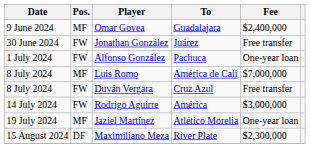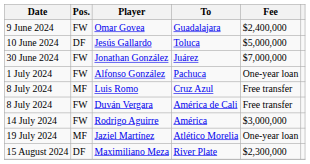 <table class="wikitable">
 <tr>
 <th>Date</th>
 <th>Pos.</th>
 <th>Player</th>
 <th>To</th>
 <th>Fee</th>
 <th></th>
 </tr>
 <tr>
 <td>9 June 2024</td>
-<td>MF</td>
+<td>FW</td>
 <td> <a href='#'>Omar Govea</a></td>
 <td><a href='#'>Guadalajara</a></td>
 <td>$2,400,000</td>
+<td align="center"></td>
+</tr>
+<tr>
+<td>10 June 2024</td>
+<td>DF</td>
+<td> <a href='#'>Jesús Gallardo</a></td>
+<td><a href='#'>Toluca</a></td>
+<td>$5,000,000</td>
 <td align="center"></td>
 </tr>
 <tr>
 <td>30 June 2024</td>
 <td>FW</td>
 <td> <a href='#'>Jonathan González</a></td>
 <td><a href='#'>Juárez</a></td>
-<td>Free transfer</td>
+<td>$7,000,000</td>
 <td align=center=></td>
 </tr>
 <tr>
 <td>1 July 2024</td>
 <td>FW</td>
 <td> <a href='#'>Alfonso González</a></td>
 <td><a href='#'>Pachuca</a></td>
 <td>One-year loan</td>
 <td align="center"></td>
 </tr>
 <tr>
 <td>8 July 2024</td>
 <td>MF</td>
 <td> <a href='#'>Luis Romo</a></td>
-<td> <a href='#'>América de Cali</a></td>
-<td>$7,000,000</td>
+<td><a href='#'>Cruz Azul</a></td>
+<td>Free transfer</td>
 <td align="center"></td>
 </tr>
 <tr>
 <td>8 July 2024</td>
 <td>FW</td>
 <td> <a href='#'>Duván Vergara</a></td>
-<td><a href='#'>Cruz Azul</a></td>
+<td> <a href='#'>América de Cali</a></td>
 <td>Free transfer</td>
 <td align="center"></td>
 </tr>
 <tr>
 <td>14 July 2024</td>
 <td>FW</td>
 <td> <a href='#'>Rodrigo Aguirre</a></td>
 <td><a href='#'>América</a></td>
 <td>$3,000,000</td>
 <td align="center"></td>
 </tr>
 <tr>
 <td>19 July 2024</td>
 <td>MF</td>
 <td> <a href='#'>Jaziel Martínez</a></td>
 <td><a href='#'>Atlético Morelia</a></td>
 <td>One-year loan</td>
 <td align="center"></td>
 </tr>
 <tr>
 <td>15 August 2024</td>
 <td>DF</td>
 <td> <a href='#'>Maximiliano Meza</a></td>
 <td> <a href='#'>River Plate</a></td>
 <td>$2,300,000</td>
 <td align="center"></td>
 </tr>
 <tr>
 </tr>
 </table>
